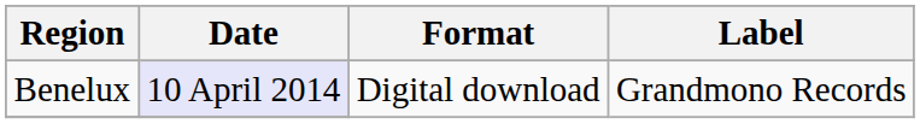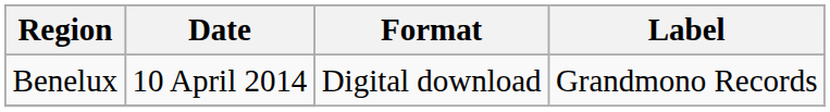 <table class=wikitable>
 <tr>
 <th>Region</th>
 <th>Date</th>
 <th>Format</th>
 <th>Label</th>
 </tr>
 <tr>
 <td>Benelux</td>
-<td style="background: lavender;">10 April 2014</td>
+<td>10 April 2014</td>
 <td rowspan="2">Digital download</td>
 <td rowspan="2">Grandmono Records</td>
 </tr>
 <tr>
 </tr>
 </table>
